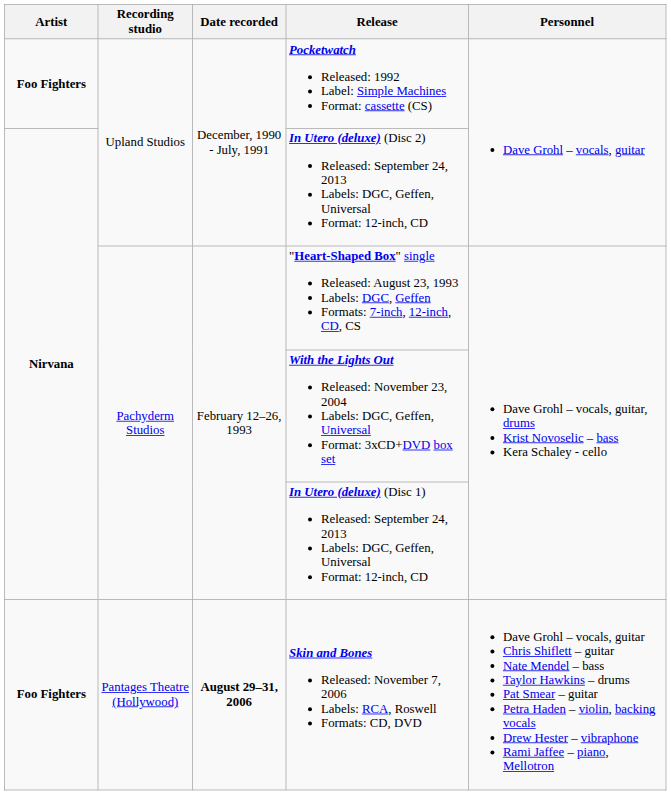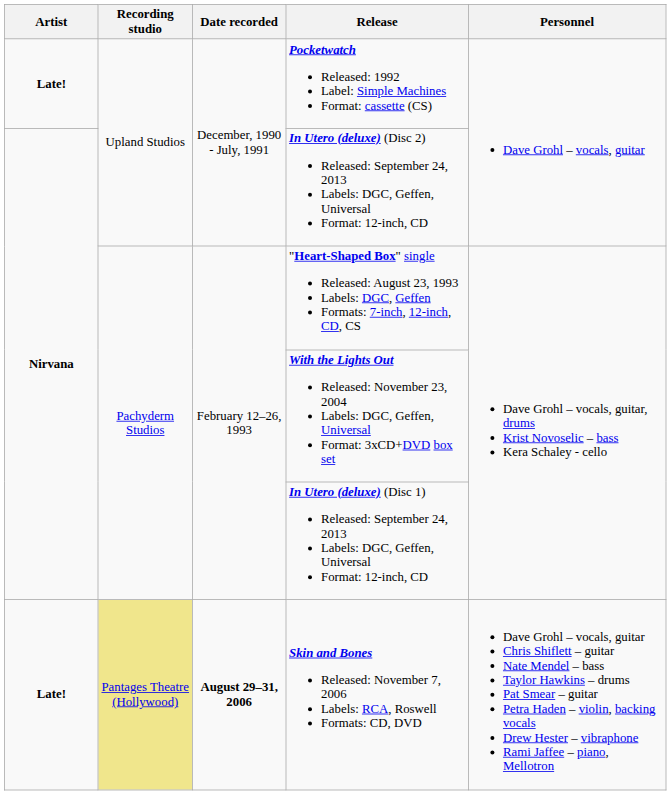 <table class="wikitable">
 <tr>
 <th width="110">Artist</th>
 <th width="110">Recording studio</th>
 <th width="110">Date recorded</th>
 <th width="220">Release</th>
 <th width="240">Personnel</th>
 </tr>
 <tr>
-<td align="center"><strong>Foo Fighters</strong></td>
+<td align="center"><strong>Late!</strong></td>
 <td align="center" rowspan="2">Upland Studios</td>
 <td align="center" rowspan="2">December, 1990 - July, 1991</td>
 <td><strong><em><a href='#'>Pocketwatch</a></em></strong><br><ul><li>Released: 1992</li><li>Label: <a href='#'>Simple Machines</a></li><li>Format: <a href='#'>cassette</a> (CS)</li></ul></td>
 <td rowspan="2"><br><ul><li><a href='#'>Dave Grohl</a> – <a href='#'>vocals</a>, <a href='#'>guitar</a></li></ul></td>
 </tr>
 <tr>
 <td align="center" rowspan="4"><strong>Nirvana</strong></td>
 <td><strong><em><a href='#'>In Utero (deluxe)</a></em></strong> (Disc 2)<br><ul><li>Released: September 24, 2013</li><li>Labels: DGC, Geffen, Universal</li><li>Format: 12-inch, CD</li></ul></td>
 </tr>
 <tr>
 <td align="center" rowspan="3"><a href='#'>Pachyderm Studios</a></td>
 <td align="center" rowspan="3">February 12–26, 1993</td>
 <td>"<strong><a href='#'>Heart-Shaped Box</a></strong>" <a href='#'>single</a><br><ul><li>Released: August 23, 1993</li><li>Labels: <a href='#'>DGC</a>, <a href='#'>Geffen</a></li><li>Formats: <a href='#'>7-inch</a>, <a href='#'>12-inch</a>, <a href='#'>CD</a>, CS</li></ul></td>
 <td rowspan="3"><br><ul><li>Dave Grohl – vocals, guitar, <a href='#'>drums</a></li><li><a href='#'>Krist Novoselic</a> – <a href='#'>bass</a></li><li>Kera Schaley - cello </li></ul></td>
 </tr>
 <tr>
 <td><strong><em><a href='#'>With the Lights Out</a></em></strong><br><ul><li>Released: November 23, 2004</li><li>Labels: DGC, Geffen, <a href='#'>Universal</a></li><li>Format: 3xCD+<a href='#'>DVD</a> <a href='#'>box set</a></li></ul></td>
 </tr>
 <tr>
 <td><strong><em><a href='#'>In Utero (deluxe)</a></em></strong> (Disc 1)<br><ul><li>Released: September 24, 2013</li><li>Labels: DGC, Geffen, Universal</li><li>Format: 12-inch, CD</li></ul></td>
 </tr>
 <tr>
-<td align="center"><strong>Foo Fighters</strong></td>
-<td align="center"><a href='#'>Pantages Theatre (Hollywood)</a></td>
+<td align="center"><strong>Late!</strong></td>
+<td align="center" style="background: khaki;"><a href='#'>Pantages Theatre (Hollywood)</a></td>
 <td align="center"><strong>August 29–31, 2006</strong></td>
 <td><strong><em><a href='#'>Skin and Bones</a></em></strong><br><ul><li>Released: November 7, 2006</li><li>Labels: <a href='#'>RCA</a>, Roswell</li><li>Formats: CD, DVD</li></ul></td>
 <td><br><ul><li>Dave Grohl – vocals, guitar</li><li><a href='#'>Chris Shiflett</a> – guitar</li><li><a href='#'>Nate Mendel</a> – bass</li><li><a href='#'>Taylor Hawkins</a> – drums</li><li><a href='#'>Pat Smear</a> – guitar</li><li><a href='#'>Petra Haden</a> – <a href='#'>violin</a>, <a href='#'>backing vocals</a></li><li><a href='#'>Drew Hester</a> – <a href='#'>vibraphone</a></li><li><a href='#'>Rami Jaffee</a> – <a href='#'>piano</a>, <a href='#'>Mellotron</a></li></ul></td>
 </tr>
 </table>
